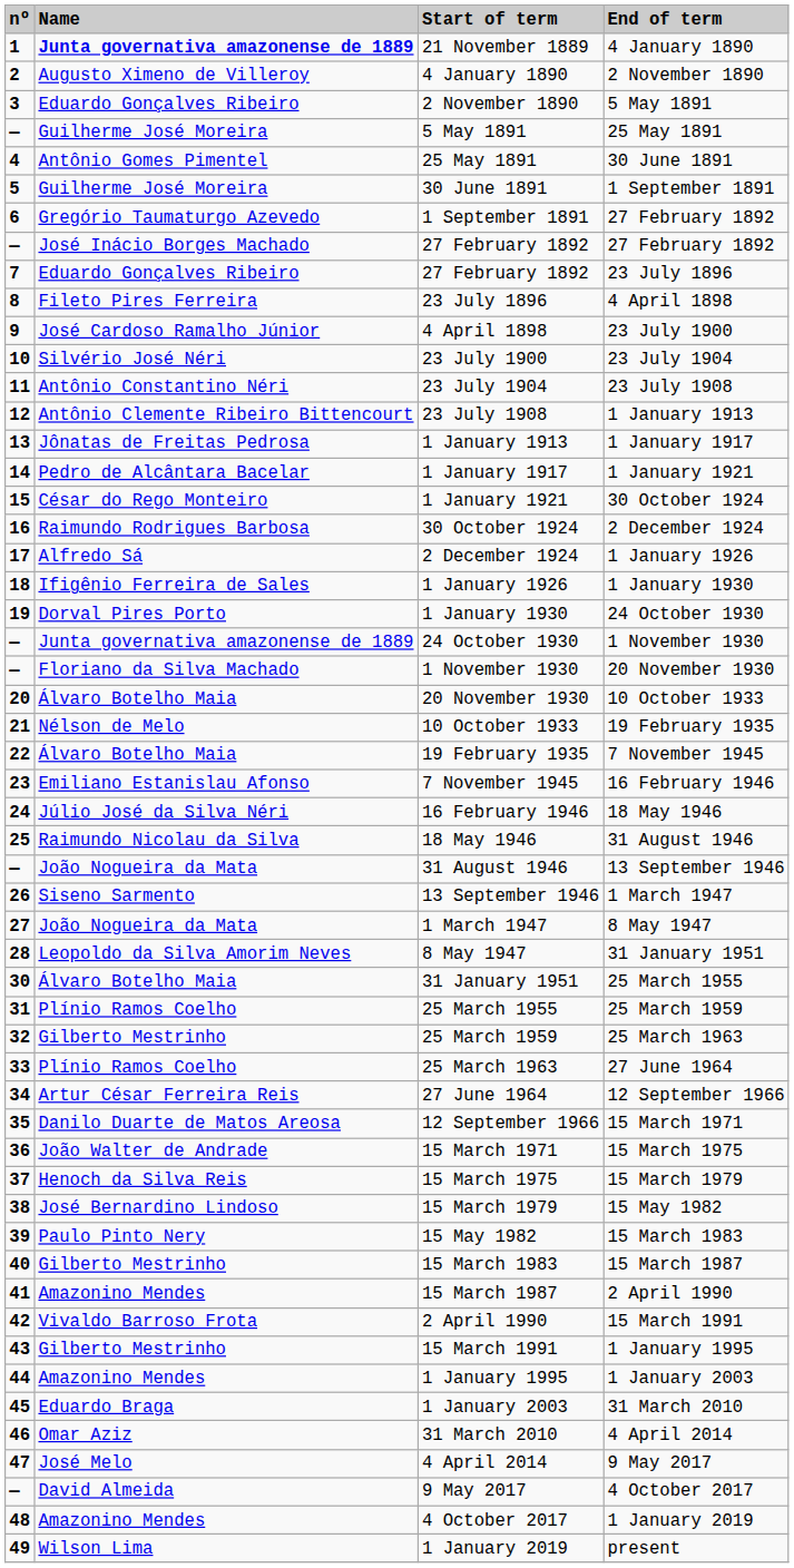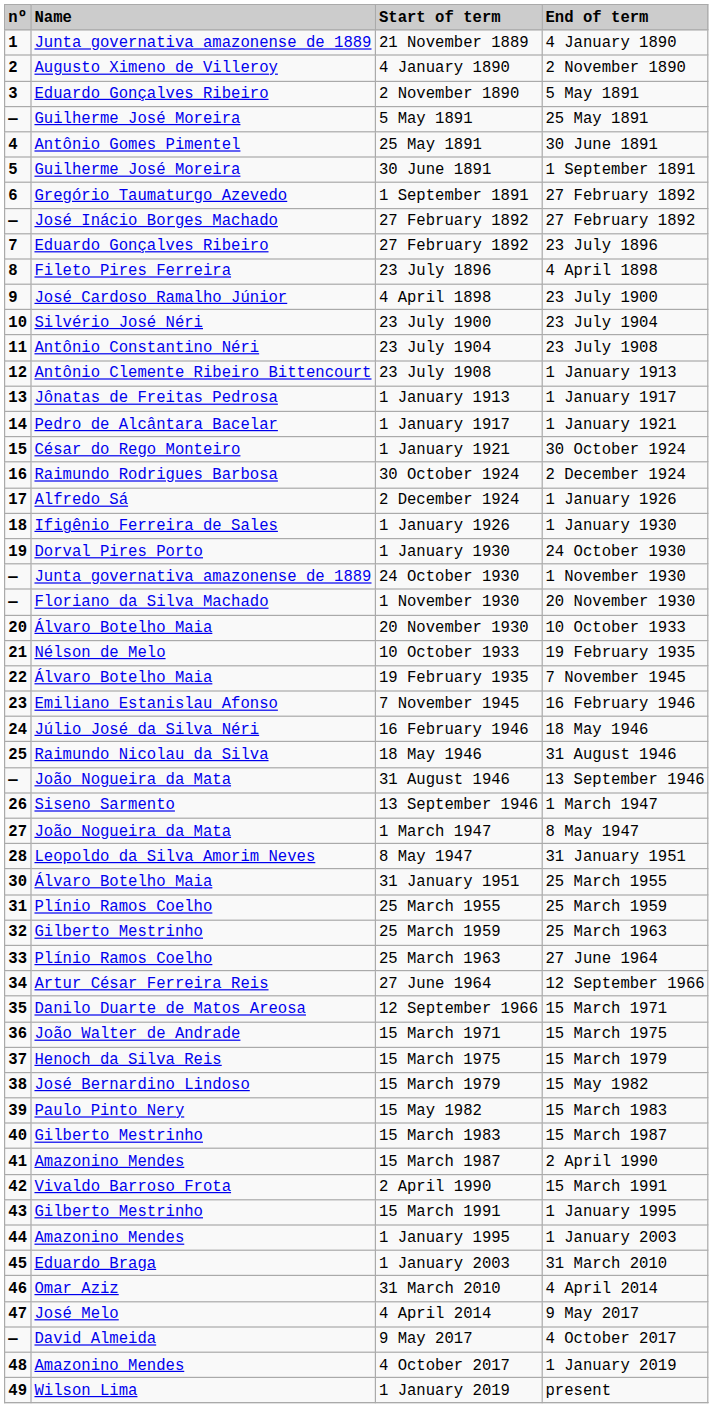 <table class="wikitable">
 <tr>
 <td bgcolor=#cccccc><strong>nº</strong></td>
 <td bgcolor=#cccccc><strong>Name</strong></td>
 <td bgcolor=#cccccc><strong>Start of term</strong></td>
 <td bgcolor=#cccccc><strong>End of term</strong></td>
 </tr>
 <tr>
 <td><strong>1</strong></td>
-<td><strong><a href='#'>Junta governativa amazonense de 1889</a></strong></td>
+<td><a href='#'>Junta governativa amazonense de 1889</a></td>
 <td>21 November 1889</td>
 <td>4 January 1890</td>
 </tr>
 <tr>
 <td><strong>2</strong></td>
 <td><a href='#'>Augusto Ximeno de Villeroy</a></td>
 <td>4 January 1890</td>
 <td>2 November 1890</td>
 </tr>
 <tr>
 <td><strong>3</strong></td>
 <td><a href='#'>Eduardo Gonçalves Ribeiro</a></td>
 <td>2 November 1890</td>
 <td>5 May 1891</td>
 </tr>
 <tr>
 <td><strong>—</strong></td>
 <td><a href='#'>Guilherme José Moreira</a></td>
 <td>5 May 1891</td>
 <td>25 May 1891</td>
 </tr>
 <tr>
 <td><strong>4</strong></td>
 <td><a href='#'>Antônio Gomes Pimentel</a></td>
 <td>25 May 1891</td>
 <td>30 June 1891</td>
 </tr>
 <tr>
 <td><strong>5</strong></td>
 <td><a href='#'>Guilherme José Moreira</a></td>
 <td>30 June 1891</td>
 <td>1 September 1891</td>
 </tr>
 <tr>
 <td><strong>6</strong></td>
 <td><a href='#'>Gregório Taumaturgo Azevedo</a></td>
 <td>1 September 1891</td>
 <td>27 February 1892</td>
 </tr>
 <tr>
 <td><strong>—</strong></td>
 <td><a href='#'>José Inácio Borges Machado</a></td>
 <td>27 February 1892</td>
 <td>27 February 1892</td>
 </tr>
 <tr>
 <td><strong>7</strong></td>
 <td><a href='#'>Eduardo Gonçalves Ribeiro</a></td>
 <td>27 February 1892</td>
 <td>23 July 1896</td>
 </tr>
 <tr>
 <td><strong>8</strong></td>
 <td><a href='#'>Fileto Pires Ferreira</a></td>
 <td>23 July 1896</td>
 <td>4 April 1898</td>
 </tr>
 <tr>
 <td><strong>9</strong></td>
 <td><a href='#'>José Cardoso Ramalho Júnior</a></td>
 <td>4 April 1898</td>
 <td>23 July 1900</td>
 </tr>
 <tr>
 <td><strong>10</strong></td>
 <td><a href='#'>Silvério José Néri</a></td>
 <td>23 July 1900</td>
 <td>23 July 1904</td>
 </tr>
 <tr>
 <td><strong>11</strong></td>
 <td><a href='#'>Antônio Constantino Néri</a></td>
 <td>23 July 1904</td>
 <td>23 July 1908</td>
 </tr>
 <tr>
 <td><strong>12</strong></td>
 <td><a href='#'>Antônio Clemente Ribeiro Bittencourt</a></td>
 <td>23 July 1908</td>
 <td>1 January 1913</td>
 </tr>
 <tr>
 <td><strong>13</strong></td>
 <td><a href='#'>Jônatas de Freitas Pedrosa</a></td>
 <td>1 January 1913</td>
 <td>1 January 1917</td>
 </tr>
 <tr>
 <td><strong>14</strong></td>
 <td><a href='#'>Pedro de Alcântara Bacelar</a></td>
 <td>1 January 1917</td>
 <td>1 January 1921</td>
 </tr>
 <tr>
 <td><strong>15</strong></td>
 <td><a href='#'>César do Rego Monteiro</a></td>
 <td>1 January 1921</td>
 <td>30 October 1924</td>
 </tr>
 <tr>
 <td><strong>16</strong></td>
 <td><a href='#'>Raimundo Rodrigues Barbosa</a></td>
 <td>30 October 1924</td>
 <td>2 December 1924</td>
 </tr>
 <tr>
 <td><strong>17</strong></td>
 <td><a href='#'>Alfredo Sá</a></td>
 <td>2 December 1924</td>
 <td>1 January 1926</td>
 </tr>
 <tr>
 <td><strong>18</strong></td>
 <td><a href='#'>Ifigênio Ferreira de Sales</a></td>
 <td>1 January 1926</td>
 <td>1 January 1930</td>
 </tr>
 <tr>
 <td><strong>19</strong></td>
 <td><a href='#'>Dorval Pires Porto</a></td>
 <td>1 January 1930</td>
 <td>24 October 1930</td>
 </tr>
 <tr>
 <td><strong>—</strong></td>
 <td><a href='#'>Junta governativa amazonense de 1889</a></td>
 <td>24 October 1930</td>
 <td>1 November 1930</td>
 </tr>
 <tr>
 <td><strong>—</strong></td>
 <td><a href='#'>Floriano da Silva Machado</a></td>
 <td>1 November 1930</td>
 <td>20 November 1930</td>
 </tr>
 <tr>
 <td><strong>20</strong></td>
 <td><a href='#'>Álvaro Botelho Maia</a></td>
 <td>20 November 1930</td>
 <td>10 October 1933</td>
 </tr>
 <tr>
 <td><strong>21</strong></td>
 <td><a href='#'>Nélson de Melo</a></td>
 <td>10 October 1933</td>
 <td>19 February 1935</td>
 </tr>
 <tr>
 <td><strong>22</strong></td>
 <td><a href='#'>Álvaro Botelho Maia</a></td>
 <td>19 February 1935</td>
 <td>7 November 1945</td>
 </tr>
 <tr>
 <td><strong>23</strong></td>
 <td><a href='#'>Emiliano Estanislau Afonso</a></td>
 <td>7 November 1945</td>
 <td>16 February 1946</td>
 </tr>
 <tr>
 <td><strong>24</strong></td>
 <td><a href='#'>Júlio José da Silva Néri</a></td>
 <td>16 February 1946</td>
 <td>18 May 1946</td>
 </tr>
 <tr>
 <td><strong>25</strong></td>
 <td><a href='#'>Raimundo Nicolau da Silva</a></td>
 <td>18 May 1946</td>
 <td>31 August 1946</td>
 </tr>
 <tr>
 <td><strong>—</strong></td>
 <td><a href='#'>João Nogueira da Mata</a></td>
 <td>31 August 1946</td>
 <td>13 September 1946</td>
 </tr>
 <tr>
 <td><strong>26</strong></td>
 <td><a href='#'>Siseno Sarmento</a></td>
 <td>13 September 1946</td>
 <td>1 March 1947</td>
 </tr>
 <tr>
 <td><strong>27</strong></td>
 <td><a href='#'>João Nogueira da Mata</a></td>
 <td>1 March 1947</td>
 <td>8 May 1947</td>
 </tr>
 <tr>
 <td><strong>28</strong></td>
 <td><a href='#'>Leopoldo da Silva Amorim Neves</a></td>
 <td>8 May 1947</td>
 <td>31 January 1951</td>
 </tr>
 <tr>
 <td><strong>30</strong></td>
 <td><a href='#'>Álvaro Botelho Maia</a></td>
 <td>31 January 1951</td>
 <td>25 March 1955</td>
 </tr>
 <tr>
 <td><strong>31</strong></td>
 <td><a href='#'>Plínio Ramos Coelho</a></td>
 <td>25 March 1955</td>
 <td>25 March 1959</td>
 </tr>
 <tr>
 <td><strong>32</strong></td>
 <td><a href='#'>Gilberto Mestrinho</a></td>
 <td>25 March 1959</td>
 <td>25 March 1963</td>
 </tr>
 <tr>
 <td><strong>33</strong></td>
 <td><a href='#'>Plínio Ramos Coelho</a></td>
 <td>25 March 1963</td>
 <td>27 June 1964</td>
 </tr>
 <tr>
 <td><strong>34</strong></td>
 <td><a href='#'>Artur César Ferreira Reis</a></td>
 <td>27 June 1964</td>
 <td>12 September 1966</td>
 </tr>
 <tr>
 <td><strong>35</strong></td>
 <td><a href='#'>Danilo Duarte de Matos Areosa</a></td>
 <td>12 September 1966</td>
 <td>15 March 1971</td>
 </tr>
 <tr>
 <td><strong>36</strong></td>
 <td><a href='#'>João Walter de Andrade</a></td>
 <td>15 March 1971</td>
 <td>15 March 1975</td>
 </tr>
 <tr>
 <td><strong>37</strong></td>
 <td><a href='#'>Henoch da Silva Reis</a></td>
 <td>15 March 1975</td>
 <td>15 March 1979</td>
 </tr>
 <tr>
 <td><strong>38</strong></td>
 <td><a href='#'>José Bernardino Lindoso</a></td>
 <td>15 March 1979</td>
 <td>15 May 1982</td>
 </tr>
 <tr>
 <td><strong>39</strong></td>
 <td><a href='#'>Paulo Pinto Nery</a></td>
 <td>15 May 1982</td>
 <td>15 March 1983</td>
 </tr>
 <tr>
 <td><strong>40</strong></td>
 <td><a href='#'>Gilberto Mestrinho</a></td>
 <td>15 March 1983</td>
 <td>15 March 1987</td>
 </tr>
 <tr>
 <td><strong>41</strong></td>
 <td><a href='#'>Amazonino Mendes</a></td>
 <td>15 March 1987</td>
 <td>2 April 1990</td>
 </tr>
 <tr>
 <td><strong>42</strong></td>
 <td><a href='#'>Vivaldo Barroso Frota</a></td>
 <td>2 April 1990</td>
 <td>15 March 1991</td>
 </tr>
 <tr>
 <td><strong>43</strong></td>
 <td><a href='#'>Gilberto Mestrinho</a></td>
 <td>15 March 1991</td>
 <td>1 January 1995</td>
 </tr>
 <tr>
 <td><strong>44</strong></td>
 <td><a href='#'>Amazonino Mendes</a></td>
 <td>1 January 1995</td>
 <td>1 January 2003</td>
 </tr>
 <tr>
 <td><strong>45</strong></td>
 <td><a href='#'>Eduardo Braga</a></td>
 <td>1 January 2003</td>
 <td>31 March 2010</td>
 </tr>
 <tr>
 <td><strong>46</strong></td>
 <td><a href='#'>Omar Aziz</a></td>
 <td>31 March 2010</td>
 <td>4 April 2014</td>
 </tr>
 <tr>
 <td><strong>47</strong></td>
 <td><a href='#'>José Melo</a></td>
 <td>4 April 2014</td>
 <td>9 May 2017</td>
 </tr>
 <tr>
 <td><strong>—</strong></td>
 <td><a href='#'>David Almeida</a></td>
 <td>9 May 2017</td>
 <td>4 October 2017</td>
 </tr>
 <tr>
 <td><strong>48</strong></td>
 <td><a href='#'>Amazonino Mendes</a></td>
 <td>4 October 2017</td>
 <td>1 January 2019</td>
 </tr>
 <tr>
 <td><strong>49</strong></td>
 <td><a href='#'>Wilson Lima</a></td>
 <td>1 January 2019</td>
 <td>present</td>
 </tr>
 <tr>
 </tr>
 </table>
